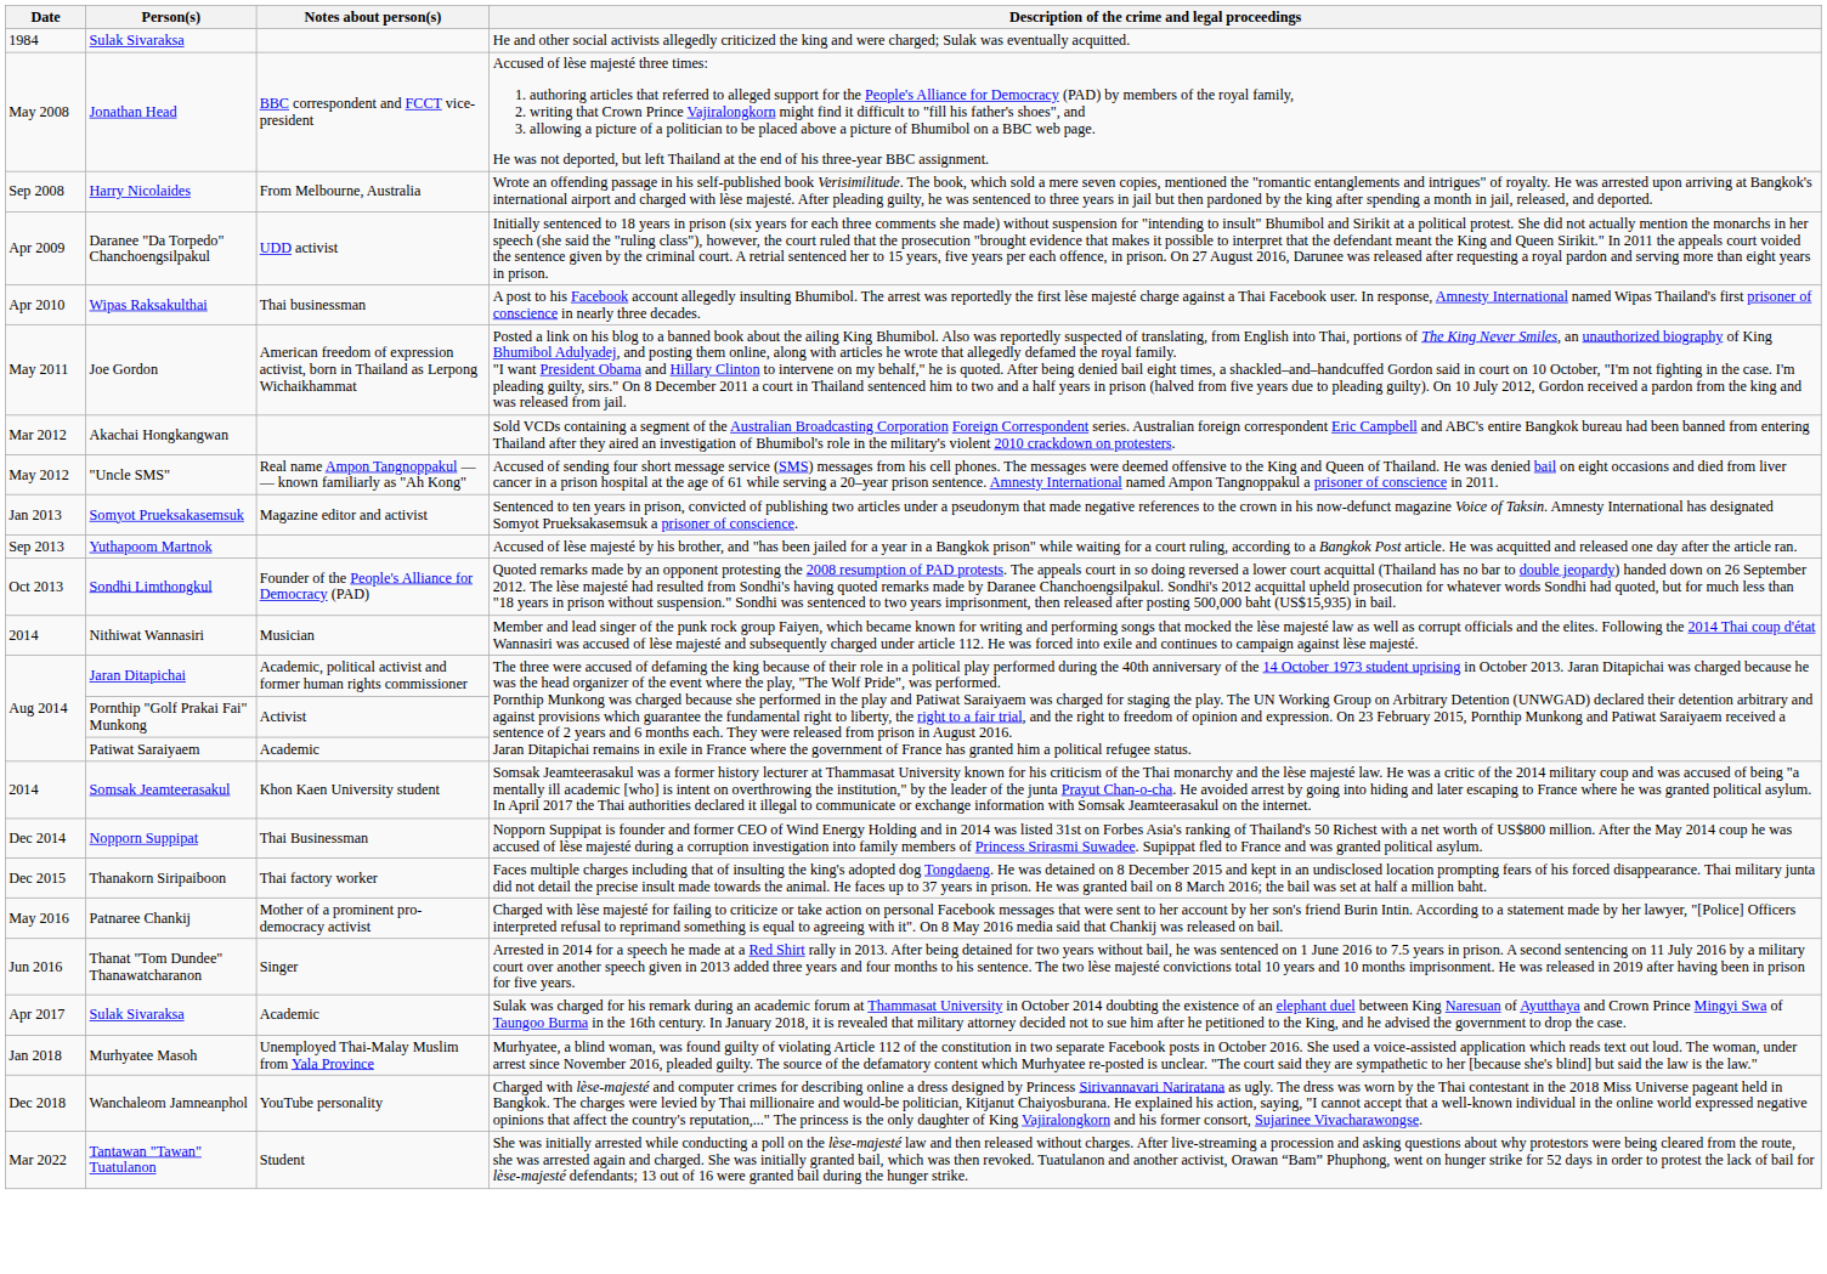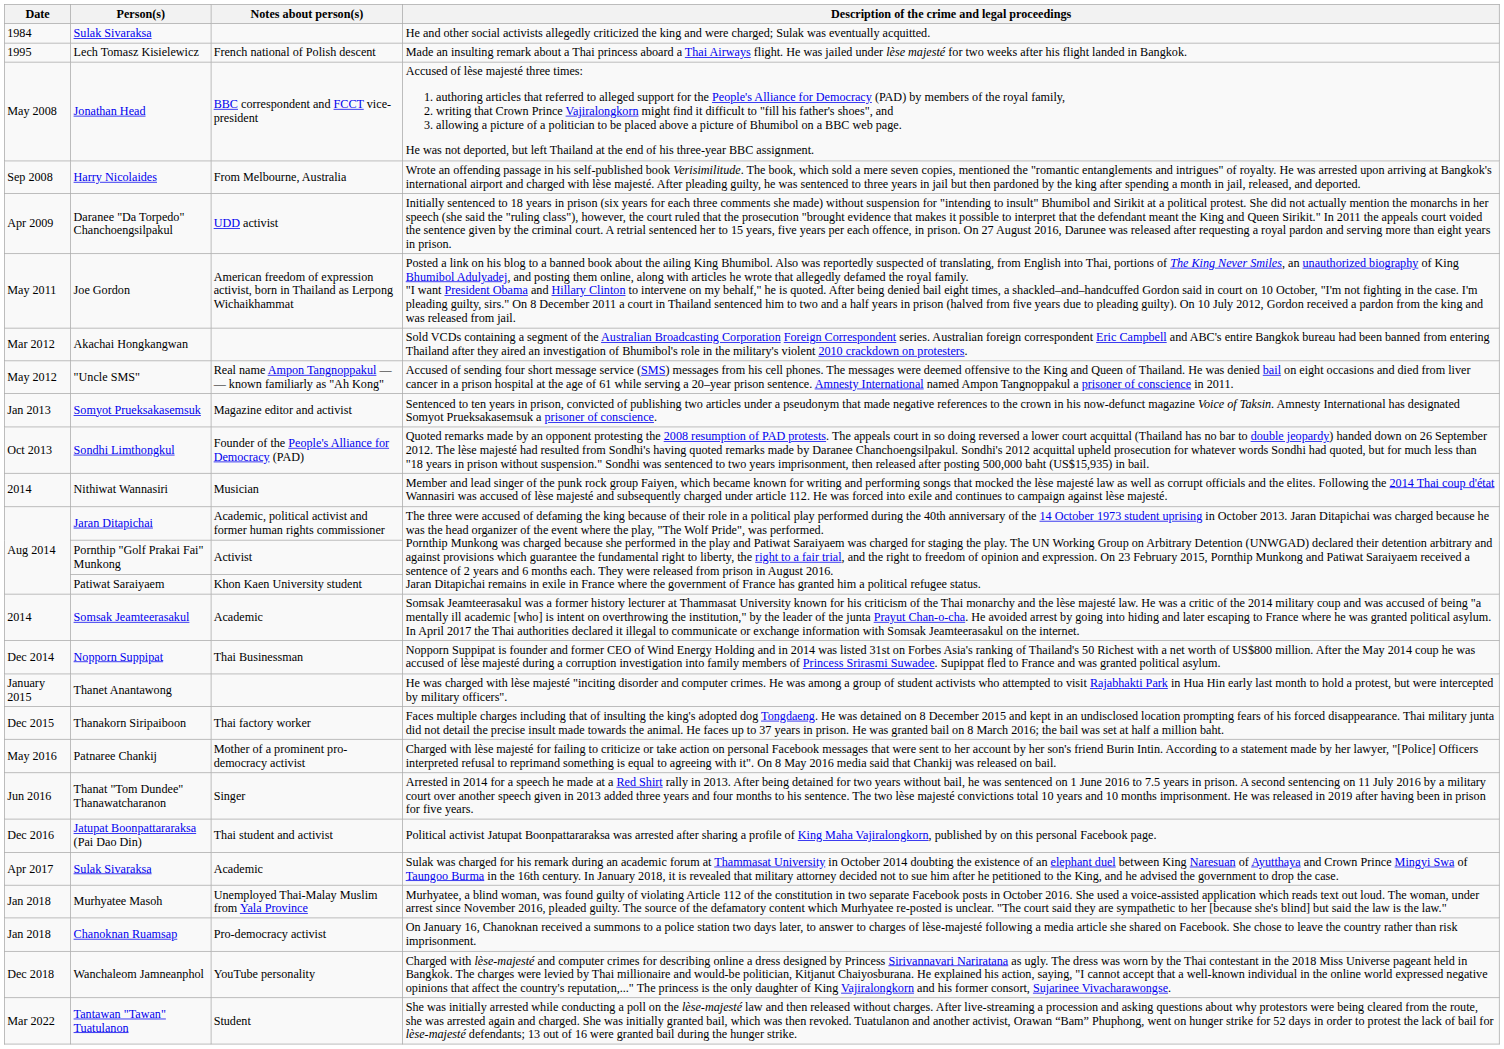 <table class="wikitable">
 <tr>
 <th width=80pt>Date</th>
 <th>Person(s)</th>
 <th>Notes about person(s)</th>
 <th>Description of the crime and legal proceedings</th>
 </tr>
 <tr>
 <td>1984</td>
 <td><a href='#'>Sulak Sivaraksa</a></td>
 <td></td>
 <td>He and other social activists allegedly criticized the king and were charged; Sulak was eventually acquitted.</td>
+</tr>
+<tr>
+<td>1995</td>
+<td>Lech Tomasz Kisielewicz</td>
+<td>French national of Polish descent</td>
+<td>Made an insulting remark about a Thai princess aboard a <a href='#'>Thai Airways</a> flight. He was jailed under <em>lèse majesté</em> for two weeks after his flight landed in Bangkok.</td>
 </tr>
 <tr>
 <td>May 2008</td>
 <td><a href='#'>Jonathan Head</a></td>
 <td><a href='#'>BBC</a> correspondent and <a href='#'>FCCT</a> vice-president</td>
 <td>Accused of lèse majesté three times:<br><ol><li>authoring articles that referred to alleged support for the <a href='#'>People's Alliance for Democracy</a> (PAD) by members of the royal family,</li><li>writing that Crown Prince <a href='#'>Vajiralongkorn</a> might find it difficult to "fill his father's shoes", and</li><li>allowing a picture of a politician to be placed above a picture of Bhumibol on a BBC web page.</li></ol>He was not deported, but left Thailand at the end of his three-year BBC assignment.</td>
 </tr>
 <tr>
 <td>Sep 2008</td>
 <td><a href='#'>Harry Nicolaides</a></td>
 <td>From Melbourne, Australia</td>
 <td>Wrote an offending passage in his self-published book <em>Verisimilitude</em>. The book, which sold a mere seven copies, mentioned the "romantic entanglements and intrigues" of royalty. He was arrested upon arriving at Bangkok's international airport and charged with lèse majesté. After pleading guilty, he was sentenced to three years in jail but then pardoned by the king after spending a month in jail, released, and deported.</td>
 </tr>
 <tr>
 <td>Apr 2009</td>
 <td>Daranee "Da Torpedo" Chanchoengsilpakul</td>
 <td><a href='#'>UDD</a> activist</td>
 <td>Initially sentenced to 18 years in prison (six years for each three comments she made) without suspension for "intending to insult" Bhumibol and Sirikit at a political protest. She did not actually mention the monarchs in her speech (she said the "ruling class"), however, the court ruled that the prosecution "brought evidence that makes it possible to interpret that the defendant meant the King and Queen Sirikit." In 2011 the appeals court voided the sentence given by the criminal court. A retrial sentenced her to 15 years, five years per each offence, in prison. On 27 August 2016, Darunee was released after requesting a royal pardon and serving more than eight years in prison.</td>
-</tr>
-<tr>
-<td>Apr 2010</td>
-<td><a href='#'>Wipas Raksakulthai</a></td>
-<td>Thai businessman</td>
-<td>A post to his <a href='#'>Facebook</a> account allegedly insulting Bhumibol. The arrest was reportedly the first lèse majesté charge against a Thai Facebook user. In response, <a href='#'>Amnesty International</a> named Wipas Thailand's first <a href='#'>prisoner of conscience</a> in nearly three decades.</td>
 </tr>
 <tr>
 <td>May 2011</td>
 <td>Joe Gordon</td>
 <td>American freedom of expression activist, born in Thailand as Lerpong Wichaikhammat</td>
 <td>Posted a link on his blog to a banned book about the ailing King Bhumibol. Also was reportedly suspected of translating, from English into Thai, portions of <em><a href='#'>The King Never Smiles</a></em>, an <a href='#'>unauthorized biography</a> of King <a href='#'>Bhumibol Adulyadej</a>, and posting them online, along with articles he wrote that allegedly defamed the royal family.<br>"I want <a href='#'>President Obama</a> and <a href='#'>Hillary Clinton</a> to intervene on my behalf," he is quoted. After being denied bail eight times, a shackled–and–handcuffed Gordon said in court on 10 October, "I'm not fighting in the case. I'm pleading guilty, sirs." On 8 December 2011 a court in Thailand sentenced him to two and a half years in prison (halved from five years due to pleading guilty). On 10 July 2012, Gordon received a pardon from the king and was released from jail.</td>
 </tr>
 <tr>
 <td>Mar 2012</td>
 <td>Akachai Hongkangwan</td>
 <td></td>
 <td>Sold VCDs containing a segment of the <a href='#'>Australian Broadcasting Corporation</a> <a href='#'>Foreign Correspondent</a> series. Australian foreign correspondent <a href='#'>Eric Campbell</a> and ABC's entire Bangkok bureau had been banned from entering Thailand after they aired an investigation of Bhumibol's role in the military's violent <a href='#'>2010 crackdown on protesters</a>.</td>
 </tr>
 <tr>
 <td>May 2012</td>
 <td>"Uncle SMS"</td>
 <td>Real name <a href='#'>Ampon Tangnoppakul</a> —  — known familiarly as "Ah Kong" </td>
 <td>Accused of sending four short message service (<a href='#'>SMS</a>) messages from his cell phones. The messages were deemed offensive to the King and Queen of Thailand. He was denied <a href='#'>bail</a> on eight occasions and died from liver cancer in a prison hospital at the age of 61 while serving a 20–year prison sentence. <a href='#'>Amnesty International</a> named Ampon Tangnoppakul a <a href='#'>prisoner of conscience</a> in 2011.</td>
 </tr>
 <tr>
 <td>Jan 2013</td>
 <td><a href='#'>Somyot Prueksakasemsuk</a></td>
 <td>Magazine editor and activist</td>
 <td>Sentenced to ten years in prison, convicted of publishing two articles under a pseudonym that made negative references to the crown in his now-defunct magazine <em>Voice of Taksin</em>. Amnesty International has designated Somyot Prueksakasemsuk a <a href='#'>prisoner of conscience</a>.</td>
 </tr>
 <tr>
-<td>Sep 2013</td>
-<td><a href='#'>Yuthapoom Martnok</a></td>
-<td></td>
-<td>Accused of lèse majesté by his brother, and "has been jailed for a year in a Bangkok prison" while waiting for a court ruling, according to a <em>Bangkok Post</em> article. He was acquitted and released one day after the article ran.</td>
-</tr>
-<tr>
 <td>Oct 2013</td>
 <td><a href='#'>Sondhi Limthongkul</a></td>
 <td>Founder of the <a href='#'>People's Alliance for Democracy</a> (PAD)</td>
 <td>Quoted remarks made by an opponent protesting the <a href='#'>2008 resumption of PAD protests</a>. The appeals court in so doing reversed a lower court acquittal (Thailand has no bar to <a href='#'>double jeopardy</a>) handed down on 26 September 2012. The lèse majesté had resulted from Sondhi's having quoted remarks made by Daranee Chanchoengsilpakul. Sondhi's 2012 acquittal upheld prosecution for whatever words Sondhi had quoted, but for much less than "18 years in prison without suspension." Sondhi was sentenced to two years imprisonment, then released after posting 500,000 baht (US$15,935) in bail.</td>
 </tr>
 <tr>
 <td>2014</td>
 <td>Nithiwat Wannasiri</td>
 <td>Musician</td>
 <td>Member and lead singer of the punk rock group Faiyen, which became known for writing and performing songs that mocked the lèse majesté law as well as corrupt officials and the elites. Following the <a href='#'>2014 Thai coup d'état</a> Wannasiri was accused of lèse majesté and subsequently charged under article 112. He was forced into exile and continues to campaign against lèse majesté.</td>
 </tr>
 <tr>
 <td rowspan=3>Aug 2014</td>
 <td><a href='#'>Jaran Ditapichai</a></td>
 <td>Academic, political activist and former human rights commissioner</td>
 <td rowspan=3>The three were accused of defaming the king because of their role in a political play performed during the 40th anniversary of the <a href='#'>14 October 1973 student uprising</a> in October 2013. Jaran Ditapichai was charged because he was the head organizer of the event where the play, "The Wolf Pride", was performed.<br>Pornthip Munkong was charged because she performed in the play and Patiwat Saraiyaem was charged for staging the play. The UN Working Group on Arbitrary Detention (UNWGAD) declared their detention arbitrary and against provisions which guarantee the fundamental right to liberty, the <a href='#'>right to a fair trial</a>, and the right to freedom of opinion and expression. On 23 February 2015, Pornthip Munkong and Patiwat Saraiyaem received a sentence of 2 years and 6 months each. They were released from prison in August 2016.<br>Jaran Ditapichai remains in exile in France where the government of France has granted him a political refugee status.</td>
 </tr>
 <tr>
 <td>Pornthip "Golf Prakai Fai" Munkong</td>
 <td>Activist</td>
 </tr>
 <tr>
 <td>Patiwat Saraiyaem</td>
-<td>Academic</td>
+<td>Khon Kaen University student</td>
 </tr>
 <tr>
 <td>2014</td>
 <td><a href='#'>Somsak Jeamteerasakul</a></td>
-<td>Khon Kaen University student</td>
+<td>Academic</td>
 <td>Somsak Jeamteerasakul was a former history lecturer at Thammasat University known for his criticism of the Thai monarchy and the lèse majesté law. He was a critic of the 2014 military coup and was accused of being "a mentally ill academic [who] is intent on overthrowing the institution," by the leader of the junta <a href='#'>Prayut Chan-o-cha</a>. He avoided arrest by going into hiding and later escaping to France where he was granted political asylum. In April 2017 the Thai authorities declared it illegal to communicate or exchange information with Somsak Jeamteerasakul on the internet.</td>
 </tr>
 <tr>
 <td>Dec 2014</td>
 <td><a href='#'>Nopporn Suppipat</a></td>
 <td>Thai Businessman</td>
 <td>Nopporn Suppipat is founder and former CEO of Wind Energy Holding and in 2014 was listed 31st on Forbes Asia's ranking of Thailand's 50 Richest with a net worth of US$800 million. After the May 2014 coup he was accused of lèse majesté during a corruption investigation into family members of <a href='#'>Princess Srirasmi Suwadee</a>. Supippat fled to France and was granted political asylum.</td>
+</tr>
+<tr>
+<td>January 2015</td>
+<td>Thanet Anantawong</td>
+<td></td>
+<td>He was charged with lèse majesté "inciting disorder and computer crimes. He was among a group of student activists who attempted to visit <a href='#'>Rajabhakti Park</a> in Hua Hin early last month to hold a protest, but were intercepted by military officers".</td>
 </tr>
 <tr>
 <td>Dec 2015</td>
 <td>Thanakorn Siripaiboon</td>
 <td>Thai factory worker</td>
 <td>Faces multiple charges including that of insulting the king's adopted dog <a href='#'>Tongdaeng</a>. He was detained on 8 December 2015 and kept in an undisclosed location prompting fears of his forced disappearance. Thai military junta did not detail the precise insult made towards the animal. He faces up to 37 years in prison. He was granted bail on 8 March 2016; the bail was set at half a million baht.</td>
 </tr>
 <tr>
 <td>May 2016</td>
 <td>Patnaree Chankij</td>
 <td>Mother of a prominent pro-democracy activist</td>
 <td>Charged with lèse majesté for failing to criticize or take action on personal Facebook messages that were sent to her account by her son's friend Burin Intin. According to a statement made by her lawyer, "[Police] Officers interpreted refusal to reprimand something is equal to agreeing with it". On 8 May 2016 media said that Chankij was released on bail.</td>
 </tr>
 <tr>
 <td>Jun 2016</td>
 <td>Thanat "Tom Dundee" Thanawatcharanon</td>
 <td>Singer</td>
 <td>Arrested in 2014 for a speech he made at a <a href='#'>Red Shirt</a> rally in 2013. After being detained for two years without bail, he was sentenced on 1 June 2016 to 7.5 years in prison. A second sentencing on 11 July 2016 by a military court over another speech given in 2013 added three years and four months to his sentence. The two lèse majesté convictions total 10 years and 10 months imprisonment. He was released in 2019 after having been in prison for five years.</td>
 </tr>
 <tr>
+<td>Dec 2016</td>
+<td><a href='#'>Jatupat Boonpattararaksa</a> (Pai Dao Din)</td>
+<td>Thai student and activist</td>
+<td>Political activist Jatupat Boonpattararaksa was arrested after sharing a profile of <a href='#'>King Maha Vajiralongkorn</a>, published by  on this personal Facebook page.</td>
+</tr>
+<tr>
 <td>Apr 2017</td>
 <td><a href='#'>Sulak Sivaraksa</a></td>
 <td>Academic</td>
 <td>Sulak was charged for his remark during an academic forum at <a href='#'>Thammasat University</a> in October 2014 doubting the existence of an <a href='#'>elephant duel</a> between King <a href='#'>Naresuan</a> of <a href='#'>Ayutthaya</a> and Crown Prince <a href='#'>Mingyi Swa</a> of <a href='#'>Taungoo Burma</a> in the 16th century. In January 2018, it is revealed that military attorney decided not to sue him after he petitioned to the King, and he advised the government to drop the case.</td>
 </tr>
 <tr>
 <td>Jan 2018</td>
 <td>Murhyatee Masoh</td>
 <td>Unemployed Thai-Malay Muslim from <a href='#'>Yala Province</a></td>
 <td>Murhyatee, a blind woman, was found guilty of violating Article 112 of the constitution in two separate Facebook posts in October 2016. She used a voice-assisted application which reads text out loud. The woman, under arrest since November 2016, pleaded guilty. The source of the defamatory content which Murhyatee re-posted is unclear. "The court said they are sympathetic to her [because she's blind] but said the law is the law."</td>
+</tr>
+<tr>
+<td>Jan 2018</td>
+<td><a href='#'>Chanoknan Ruamsap</a></td>
+<td>Pro-democracy activist</td>
+<td>On January 16, Chanoknan received a summons to a police station two days later, to answer to charges of lèse-majesté following a media article she shared on Facebook. She chose to leave the country rather than risk imprisonment.</td>
 </tr>
 <tr>
 <td>Dec 2018</td>
 <td>Wanchaleom Jamneanphol</td>
 <td>YouTube personality</td>
 <td>Charged with <em>lèse-majesté</em> and computer crimes for describing online a dress designed by Princess <a href='#'>Sirivannavari Nariratana</a> as ugly. The dress was worn by the Thai contestant in the 2018 Miss Universe pageant held in Bangkok. The charges were levied by Thai millionaire and would-be politician, Kitjanut Chaiyosburana. He explained his action, saying, "I cannot accept that a well-known individual in the online world expressed negative opinions that affect the country's reputation,..." The princess is the only daughter of King <a href='#'>Vajiralongkorn</a> and his former consort, <a href='#'>Sujarinee Vivacharawongse</a>.</td>
 </tr>
 <tr>
 <td>Mar 2022</td>
 <td><a href='#'>Tantawan "Tawan" Tuatulanon</a></td>
 <td>Student</td>
 <td>She was initially arrested while conducting a poll on the <em>lèse-majesté</em> law and then released without charges. After live-streaming a procession and asking questions about why protestors were being cleared from the route, she was arrested again and charged. She was initially granted bail, which was then revoked. Tuatulanon and another activist, Orawan “Bam” Phuphong, went on hunger strike for 52 days in order to protest the lack of bail for <em>lèse-majesté</em> defendants; 13 out of 16 were granted bail during the hunger strike.</td>
 </tr>
 </table>
